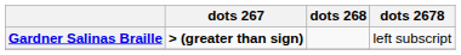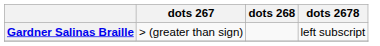 <table class="wikitable">
 <tr>
 <th></th>
 <th>dots 267</th>
 <th>dots 268</th>
 <th>dots 2678</th>
 </tr>
 <tr>
 <th align=left><a href='#'>Gardner Salinas Braille</a></th>
-<td><strong>> (greater than sign)</strong></td>
+<td>> (greater than sign)</td>
 <td></td>
 <td>left subscript</td>
 </tr>
 <tr>
 </tr>
 <tr>
 </tr>
 </table>
